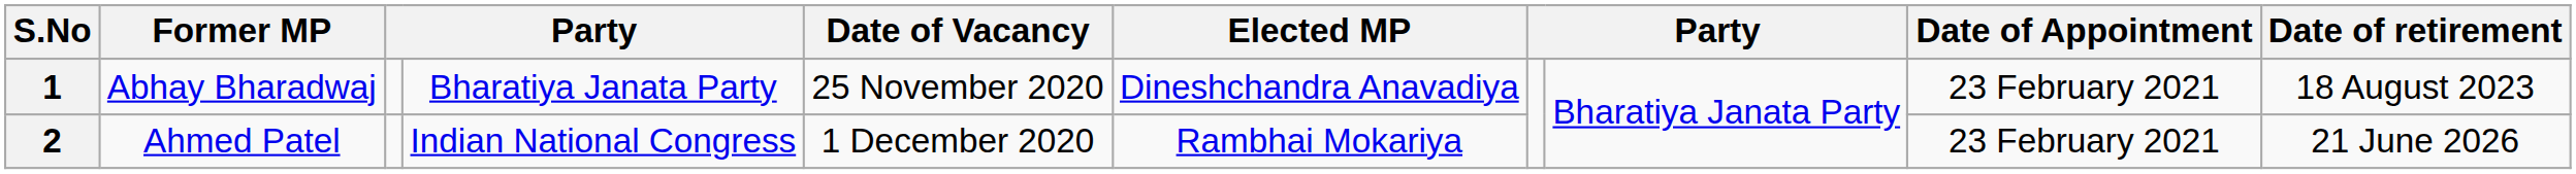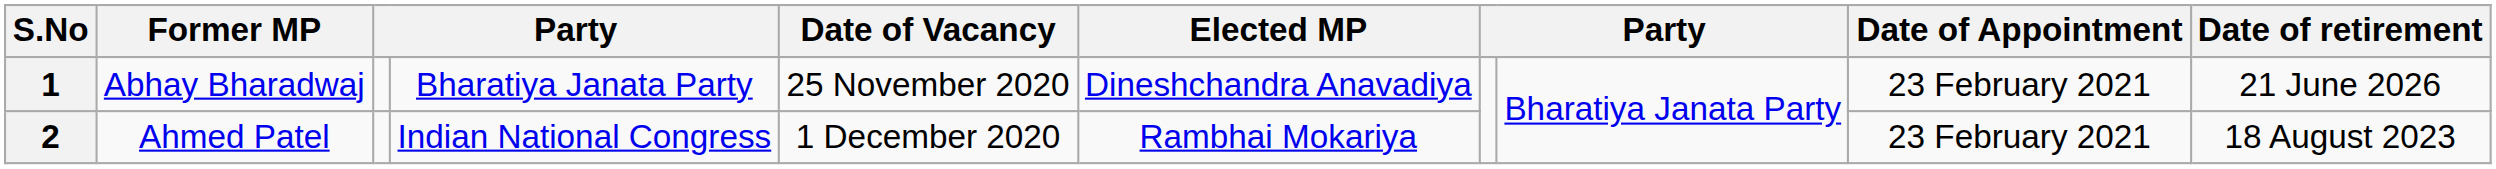 <table class="wikitable sortable">
 <tr>
 <th>S.No</th>
 <th>Former MP</th>
 <th colspan="2">Party</th>
 <th>Date of Vacancy</th>
 <th>Elected MP</th>
 <th colspan="2">Party</th>
 <th><strong>Date of Appointment</strong></th>
 <th>Date of retirement</th>
 </tr>
 <tr style="text-align:center;">
 <th>1</th>
 <td><a href='#'>Abhay Bharadwaj</a></td>
 <td width="1px"></td>
 <td><a href='#'>Bharatiya Janata Party</a></td>
 <td>25 November 2020</td>
 <td><a href='#'>Dineshchandra Anavadiya</a></td>
 <td rowspan="2" width="1px"></td>
 <td rowspan="2"><a href='#'>Bharatiya Janata Party</a></td>
 <td>23 February 2021</td>
-<td>18 August 2023</td>
+<td>21 June 2026</td>
 </tr>
 <tr style="text-align:center;">
 <th>2</th>
 <td><a href='#'>Ahmed Patel</a></td>
 <td width="1px"></td>
 <td><a href='#'>Indian National Congress</a></td>
 <td>1 December 2020</td>
 <td><a href='#'>Rambhai Mokariya</a></td>
 <td>23 February 2021</td>
-<td>21 June 2026</td>
+<td>18 August 2023</td>
 </tr>
 </table>
